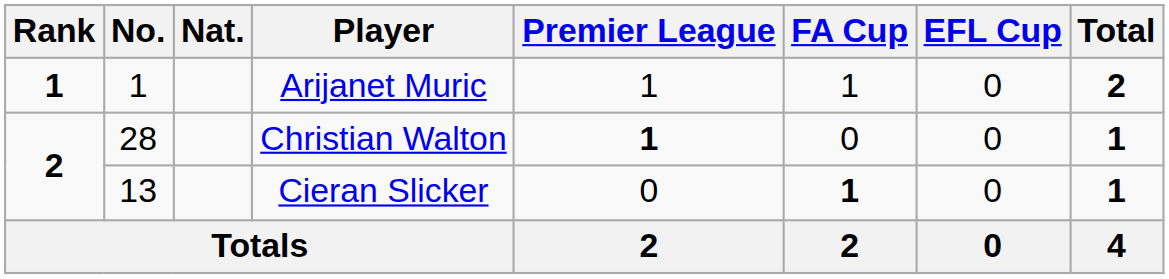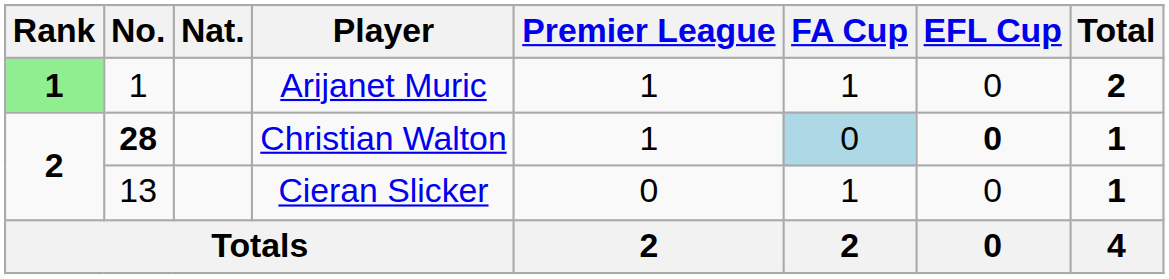 <table class="wikitable" style="text-align:center">
 <tr>
 <th width=0%>Rank</th>
 <th width=0%>No.</th>
 <th width=0%>Nat.</th>
 <th width=0%>Player</th>
 <th width=0%><a href='#'>Premier League</a></th>
 <th width=0%><a href='#'>FA Cup</a></th>
 <th width=0%><a href='#'>EFL Cup</a></th>
 <th width=0%>Total</th>
 </tr>
 <tr>
-<td><strong>1</strong></td>
+<td style="background: lightgreen;"><strong>1</strong></td>
 <td>1</td>
 <td align="center"></td>
 <td><a href='#'>Arijanet Muric</a></td>
 <td>1</td>
 <td>1</td>
 <td>0</td>
 <td><strong>2</strong></td>
 </tr>
 <tr>
 <td rowspan=2><strong>2</strong></td>
-<td>28</td>
+<td><strong>28</strong></td>
 <td align="center"></td>
 <td><a href='#'>Christian Walton</a></td>
-<td><strong>1</strong></td>
-<td>0</td>
-<td>0</td>
+<td>1</td>
+<td style="background: lightblue;">0</td>
+<td><strong>0</strong></td>
 <td><strong>1</strong></td>
 </tr>
 <tr>
 <td>13</td>
 <td align="center"></td>
 <td><a href='#'>Cieran Slicker</a></td>
 <td>0</td>
-<td><strong>1</strong></td>
+<td>1</td>
 <td>0</td>
 <td><strong>1</strong></td>
 </tr>
 <tr>
 <th colspan=4><strong>Totals</strong></th>
 <th><strong>2</strong></th>
 <th><strong>2</strong></th>
 <th><strong>0</strong></th>
 <th><strong>4</strong></th>
 </tr>
 </table>
